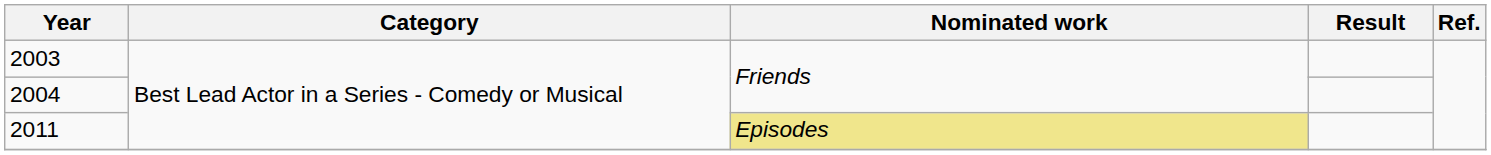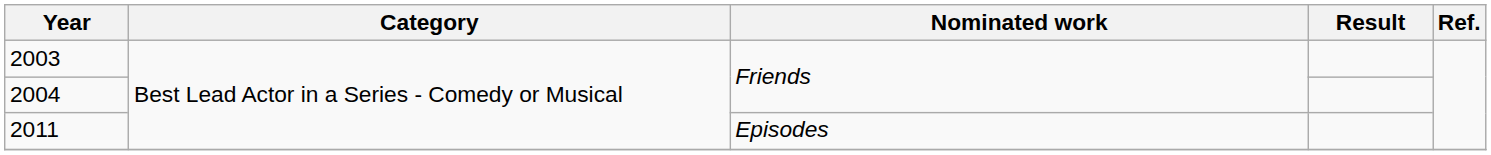 <table class=wikitable>
 <tr>
 <th scope="col" style="width:5em;">Year</th>
 <th scope="col" style="width:26em;">Category</th>
 <th scope="col" style="width:25em;">Nominated work</th>
 <th scope="col" style="width:5em;">Result</th>
 <th>Ref.</th>
 </tr>
 <tr>
 <td>2003</td>
 <td rowspan=3>Best Lead Actor in a Series - Comedy or Musical</td>
 <td rowspan=2><em>Friends</em></td>
 <td></td>
 <td rowspan=3></td>
 </tr>
 <tr>
 <td>2004</td>
 <td></td>
 </tr>
 <tr>
 <td>2011</td>
-<td style="background: khaki;"><em>Episodes</em></td>
+<td><em>Episodes</em></td>
 <td></td>
 </tr>
 <tr>
 </tr>
 </table>
